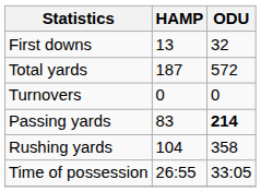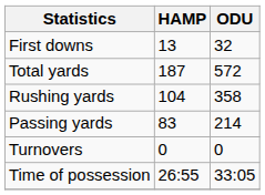 <table class="wikitable" style="float: left;">
 <tr>
 <th>Statistics</th>
 <th>HAMP</th>
 <th>ODU</th>
 </tr>
 <tr>
 <td>First downs</td>
 <td>13</td>
 <td>32</td>
 </tr>
 <tr>
 <td>Total yards</td>
 <td>187</td>
 <td>572</td>
 </tr>
 <tr>
-<td>Turnovers</td>
-<td>0</td>
-<td>0</td>
+<td>Rushing yards</td>
+<td>104</td>
+<td>358</td>
 </tr>
 <tr>
 <td>Passing yards</td>
 <td>83</td>
-<td><strong>214</strong></td>
+<td>214</td>
 </tr>
 <tr>
-<td>Rushing yards</td>
-<td>104</td>
-<td>358</td>
+<td>Turnovers</td>
+<td>0</td>
+<td>0</td>
 </tr>
 <tr>
 <td>Time of possession</td>
 <td>26:55</td>
 <td>33:05</td>
 </tr>
 <tr>
 </tr>
 </table>
